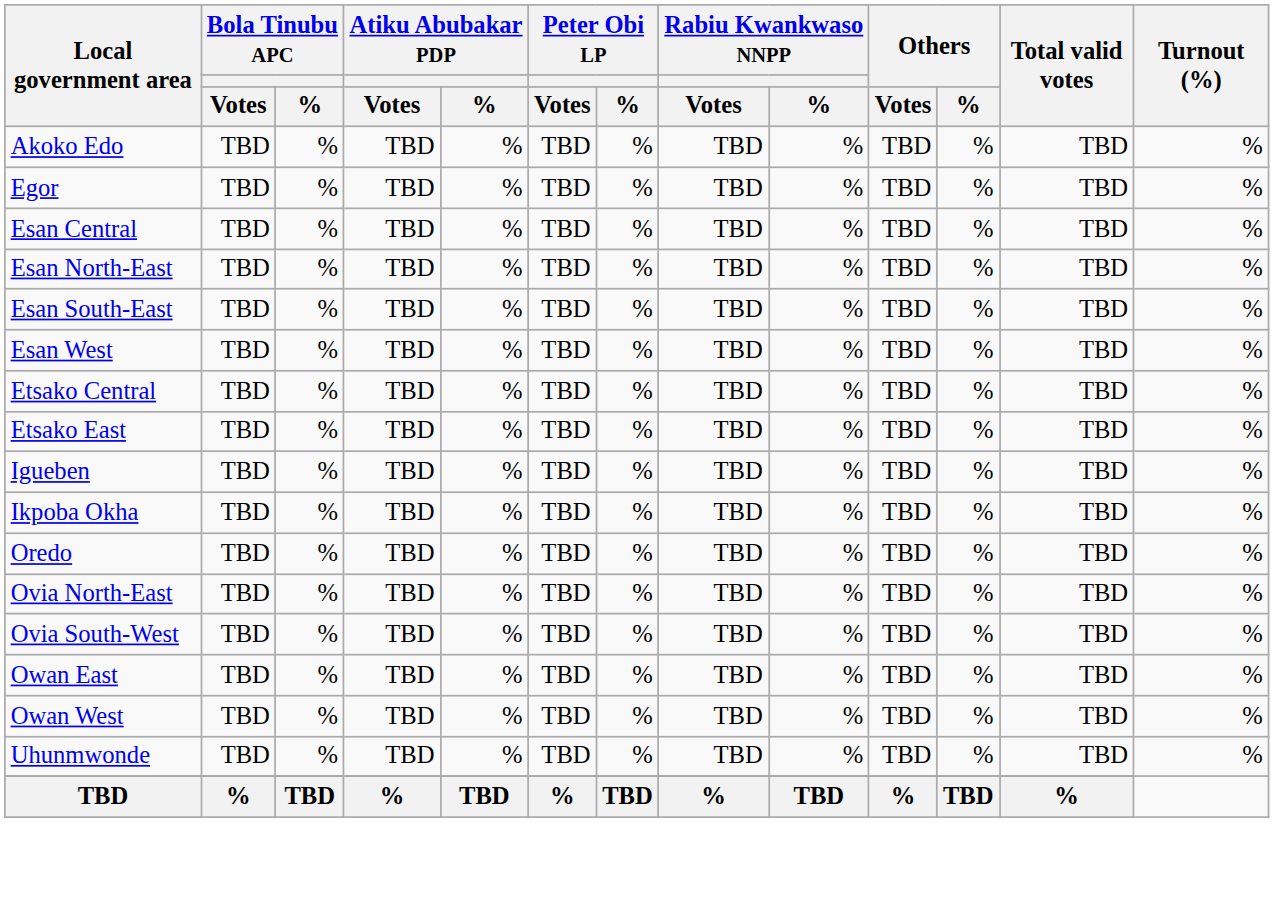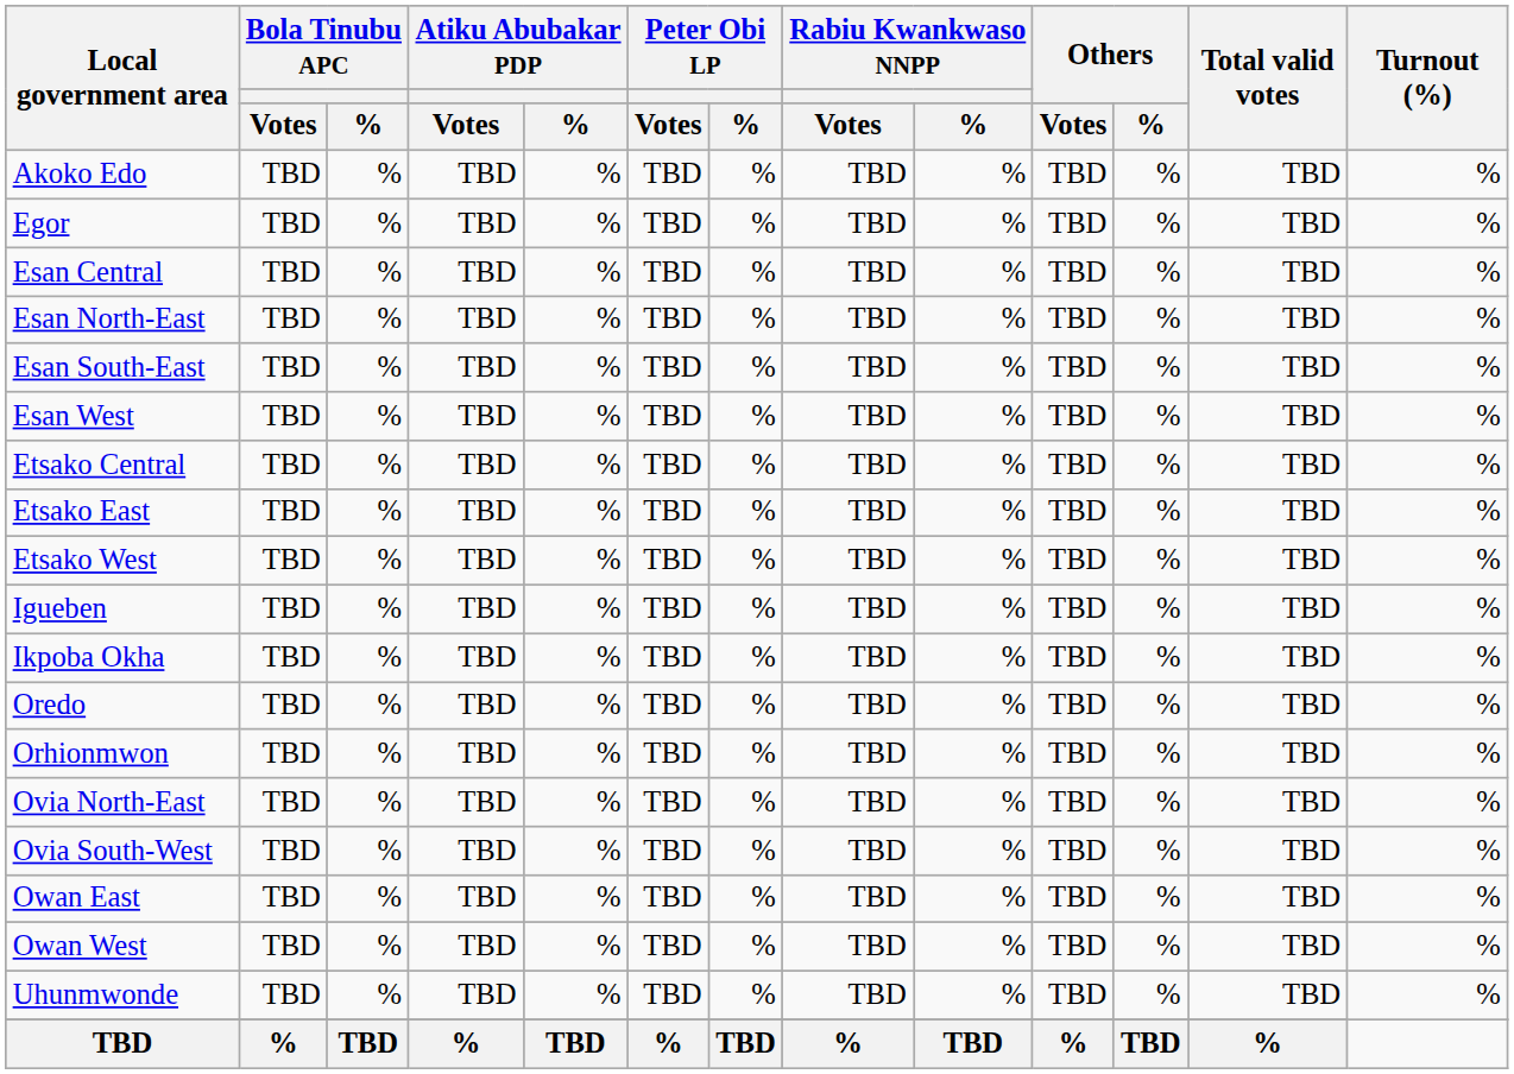 <table class="wikitable sortable" style="text-align:right; font-size:90%">
 <tr>
 <th rowspan="3" style="max-width:7.5em;">Local government area</th>
 <th colspan="2"><a href='#'>Bola Tinubu</a><br><small>APC</small></th>
 <th colspan="2"><a href='#'>Atiku Abubakar</a><br><small>PDP</small></th>
 <th colspan="2"><a href='#'>Peter Obi</a><br><small>LP</small></th>
 <th colspan="2"><a href='#'>Rabiu Kwankwaso</a><br><small>NNPP</small></th>
 <th colspan="2" rowspan="2">Others</th>
 <th rowspan="3" style="max-width:5em;">Total valid votes</th>
 <th rowspan="3" style="max-width:5em;">Turnout (%)</th>
 </tr>
 <tr>
 <th colspan=2 style="background-color:"></th>
 <th colspan=2 style="background-color:"></th>
 <th colspan=2 style="background-color:"></th>
 <th colspan=2 style="background-color:"></th>
 </tr>
 <tr>
 <th>Votes</th>
 <th>%</th>
 <th>Votes</th>
 <th>%</th>
 <th>Votes</th>
 <th>%</th>
 <th>Votes</th>
 <th>%</th>
 <th>Votes</th>
 <th>%</th>
 </tr>
 <tr style="background-color:#">
 <td style="text-align:left;"><a href='#'>Akoko Edo</a></td>
 <td>TBD</td>
 <td>%</td>
 <td>TBD</td>
 <td>%</td>
 <td>TBD</td>
 <td>%</td>
 <td>TBD</td>
 <td>%</td>
 <td>TBD</td>
 <td>%</td>
 <td>TBD</td>
 <td>%</td>
 </tr>
 <tr style="background-color:#">
 <td style="text-align:left;"><a href='#'>Egor</a></td>
 <td>TBD</td>
 <td>%</td>
 <td>TBD</td>
 <td>%</td>
 <td>TBD</td>
 <td>%</td>
 <td>TBD</td>
 <td>%</td>
 <td>TBD</td>
 <td>%</td>
 <td>TBD</td>
 <td>%</td>
 </tr>
 <tr style="background-color:#">
 <td style="text-align:left;"><a href='#'>Esan Central</a></td>
 <td>TBD</td>
 <td>%</td>
 <td>TBD</td>
 <td>%</td>
 <td>TBD</td>
 <td>%</td>
 <td>TBD</td>
 <td>%</td>
 <td>TBD</td>
 <td>%</td>
 <td>TBD</td>
 <td>%</td>
 </tr>
 <tr style="background-color:#">
 <td style="text-align:left;"><a href='#'>Esan North-East</a></td>
 <td>TBD</td>
 <td>%</td>
 <td>TBD</td>
 <td>%</td>
 <td>TBD</td>
 <td>%</td>
 <td>TBD</td>
 <td>%</td>
 <td>TBD</td>
 <td>%</td>
 <td>TBD</td>
 <td>%</td>
 </tr>
 <tr style="background-color:#">
 <td style="text-align:left;"><a href='#'>Esan South-East</a></td>
 <td>TBD</td>
 <td>%</td>
 <td>TBD</td>
 <td>%</td>
 <td>TBD</td>
 <td>%</td>
 <td>TBD</td>
 <td>%</td>
 <td>TBD</td>
 <td>%</td>
 <td>TBD</td>
 <td>%</td>
 </tr>
 <tr style="background-color:#">
 <td style="text-align:left;"><a href='#'>Esan West</a></td>
 <td>TBD</td>
 <td>%</td>
 <td>TBD</td>
 <td>%</td>
 <td>TBD</td>
 <td>%</td>
 <td>TBD</td>
 <td>%</td>
 <td>TBD</td>
 <td>%</td>
 <td>TBD</td>
 <td>%</td>
 </tr>
 <tr style="background-color:#">
 <td style="text-align:left;"><a href='#'>Etsako Central</a></td>
 <td>TBD</td>
 <td>%</td>
 <td>TBD</td>
 <td>%</td>
 <td>TBD</td>
 <td>%</td>
 <td>TBD</td>
 <td>%</td>
 <td>TBD</td>
 <td>%</td>
 <td>TBD</td>
 <td>%</td>
 </tr>
 <tr style="background-color:#">
 <td style="text-align:left;"><a href='#'>Etsako East</a></td>
 <td>TBD</td>
 <td>%</td>
 <td>TBD</td>
 <td>%</td>
 <td>TBD</td>
 <td>%</td>
 <td>TBD</td>
 <td>%</td>
 <td>TBD</td>
 <td>%</td>
 <td>TBD</td>
 <td>%</td>
 </tr>
 <tr style="background-color:#">
+<td style="text-align:left;"><a href='#'>Etsako West</a></td>
+<td>TBD</td>
+<td>%</td>
+<td>TBD</td>
+<td>%</td>
+<td>TBD</td>
+<td>%</td>
+<td>TBD</td>
+<td>%</td>
+<td>TBD</td>
+<td>%</td>
+<td>TBD</td>
+<td>%</td>
+</tr>
+<tr style="background-color:#">
 <td style="text-align:left;"><a href='#'>Igueben</a></td>
 <td>TBD</td>
 <td>%</td>
 <td>TBD</td>
 <td>%</td>
 <td>TBD</td>
 <td>%</td>
 <td>TBD</td>
 <td>%</td>
 <td>TBD</td>
 <td>%</td>
 <td>TBD</td>
 <td>%</td>
 </tr>
 <tr style="background-color:#">
 <td style="text-align:left;"><a href='#'>Ikpoba Okha</a></td>
 <td>TBD</td>
 <td>%</td>
 <td>TBD</td>
 <td>%</td>
 <td>TBD</td>
 <td>%</td>
 <td>TBD</td>
 <td>%</td>
 <td>TBD</td>
 <td>%</td>
 <td>TBD</td>
 <td>%</td>
 </tr>
 <tr style="background-color:#">
 <td style="text-align:left;"><a href='#'>Oredo</a></td>
+<td>TBD</td>
+<td>%</td>
+<td>TBD</td>
+<td>%</td>
+<td>TBD</td>
+<td>%</td>
+<td>TBD</td>
+<td>%</td>
+<td>TBD</td>
+<td>%</td>
+<td>TBD</td>
+<td>%</td>
+</tr>
+<tr style="background-color:#">
+<td style="text-align:left;"><a href='#'>Orhionmwon</a></td>
 <td>TBD</td>
 <td>%</td>
 <td>TBD</td>
 <td>%</td>
 <td>TBD</td>
 <td>%</td>
 <td>TBD</td>
 <td>%</td>
 <td>TBD</td>
 <td>%</td>
 <td>TBD</td>
 <td>%</td>
 </tr>
 <tr style="background-color:#">
 <td style="text-align:left;"><a href='#'>Ovia North-East</a></td>
 <td>TBD</td>
 <td>%</td>
 <td>TBD</td>
 <td>%</td>
 <td>TBD</td>
 <td>%</td>
 <td>TBD</td>
 <td>%</td>
 <td>TBD</td>
 <td>%</td>
 <td>TBD</td>
 <td>%</td>
 </tr>
 <tr style="background-color:#">
 <td style="text-align:left;"><a href='#'>Ovia South-West</a></td>
 <td>TBD</td>
 <td>%</td>
 <td>TBD</td>
 <td>%</td>
 <td>TBD</td>
 <td>%</td>
 <td>TBD</td>
 <td>%</td>
 <td>TBD</td>
 <td>%</td>
 <td>TBD</td>
 <td>%</td>
 </tr>
 <tr style="background-color:#">
 <td style="text-align:left;"><a href='#'>Owan East</a></td>
 <td>TBD</td>
 <td>%</td>
 <td>TBD</td>
 <td>%</td>
 <td>TBD</td>
 <td>%</td>
 <td>TBD</td>
 <td>%</td>
 <td>TBD</td>
 <td>%</td>
 <td>TBD</td>
 <td>%</td>
 </tr>
 <tr style="background-color:#">
 <td style="text-align:left;"><a href='#'>Owan West</a></td>
 <td>TBD</td>
 <td>%</td>
 <td>TBD</td>
 <td>%</td>
 <td>TBD</td>
 <td>%</td>
 <td>TBD</td>
 <td>%</td>
 <td>TBD</td>
 <td>%</td>
 <td>TBD</td>
 <td>%</td>
 </tr>
 <tr style="background-color:#">
 <td style="text-align:left;"><a href='#'>Uhunmwonde</a></td>
 <td>TBD</td>
 <td>%</td>
 <td>TBD</td>
 <td>%</td>
 <td>TBD</td>
 <td>%</td>
 <td>TBD</td>
 <td>%</td>
 <td>TBD</td>
 <td>%</td>
 <td>TBD</td>
 <td>%</td>
 </tr>
 <tr>
 </tr>
 <tr>
 <th>TBD</th>
 <th>%</th>
 <th>TBD</th>
 <th>%</th>
 <th>TBD</th>
 <th>%</th>
 <th>TBD</th>
 <th>%</th>
 <th>TBD</th>
 <th>%</th>
 <th>TBD</th>
 <th>%</th>
 </tr>
 </table>
